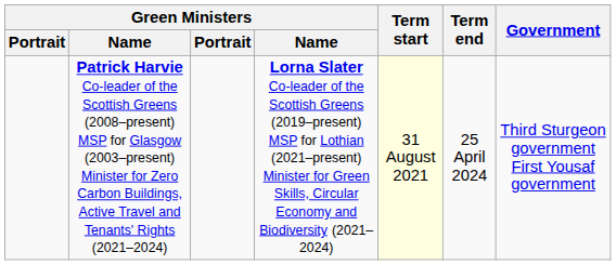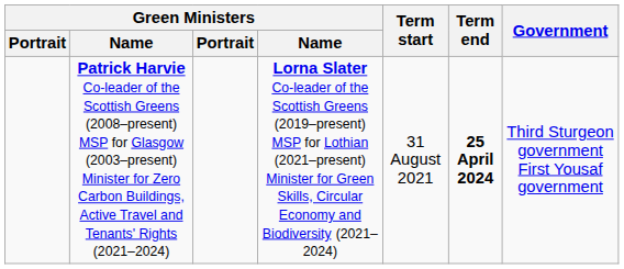 <table class="wikitable" style="text-align:center">
 <tr>
 <th colspan="4">Green Ministers</th>
 <th rowspan="2">Term start</th>
 <th rowspan="2">Term end</th>
 <th rowspan="2"><a href='#'>Government</a></th>
 </tr>
 <tr>
 <th>Portrait</th>
 <th>Name</th>
 <th>Portrait</th>
 <th>Name</th>
 </tr>
 <tr>
 <td></td>
 <td><strong><a href='#'>Patrick Harvie</a></strong><br><a href='#'><small>Co-leader of the Scottish Greens</small></a> <small>(2008–present)</small><br><small><a href='#'>MSP</a> for <a href='#'>Glasgow</a> (2003–present)</small><br><a href='#'><small>Minister for Zero Carbon Buildings, Active Travel and Tenants' Rights</small></a> <small>(2021–2024)</small></td>
 <td></td>
 <td><strong><a href='#'>Lorna Slater</a></strong><br><a href='#'><small>Co-leader of the Scottish Greens</small></a> <small>(2019–present)</small><br><small><a href='#'>MSP</a> for <a href='#'>Lothian</a> (2021–present)</small><br><a href='#'><small>Minister for Green Skills, Circular Economy and Biodiversity</small></a>  <small>(2021–2024)</small></td>
-<td style="background: lightyellow;">31 August 2021</td>
-<td>25 April 2024</td>
+<td>31 August 2021</td>
+<td><strong>25 April 2024</strong></td>
 <td><a href='#'>Third Sturgeon government</a><br><a href='#'>First Yousaf government</a></td>
 </tr>
 </table>
